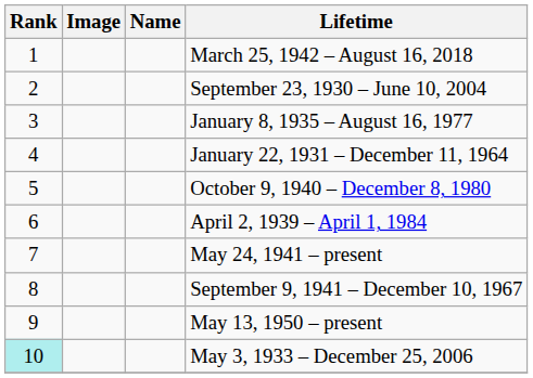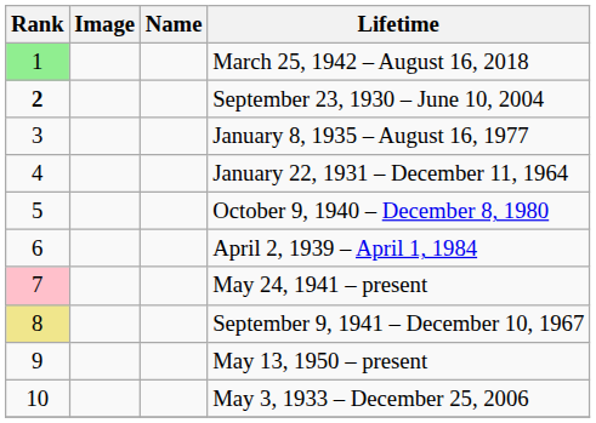 <table class="wikitable sortable" style="font-size: 95%">
 <tr>
 <th>Rank</th>
 <th class="unsortable">Image</th>
 <th>Name</th>
 <th>Lifetime</th>
 </tr>
 <tr>
-<td align="center">1</td>
+<td align="center" style="background: lightgreen;">1</td>
 <td></td>
 <td></td>
 <td>March 25, 1942 – August 16, 2018</td>
 </tr>
 <tr>
-<td align="center">2</td>
+<td align="center"><strong>2</strong></td>
 <td></td>
 <td></td>
 <td>September 23, 1930 – June 10, 2004</td>
 </tr>
 <tr>
 <td align="center">3</td>
 <td></td>
 <td></td>
 <td>January 8, 1935 – August 16, 1977</td>
 </tr>
 <tr>
 <td align="center">4</td>
 <td></td>
 <td></td>
 <td>January 22, 1931 – December 11, 1964</td>
 </tr>
 <tr>
 <td align="center">5</td>
 <td></td>
 <td></td>
 <td>October 9, 1940 – <a href='#'>December 8, 1980</a></td>
 </tr>
 <tr>
 <td align="center">6</td>
 <td></td>
 <td></td>
 <td>April 2, 1939 – <a href='#'>April 1, 1984</a></td>
 </tr>
 <tr>
-<td align="center">7</td>
+<td align="center" style="background: pink;">7</td>
 <td></td>
 <td></td>
 <td>May 24, 1941 – present</td>
 </tr>
 <tr>
-<td align="center">8</td>
+<td align="center" style="background: khaki;">8</td>
 <td></td>
 <td></td>
 <td>September 9, 1941 – December 10, 1967</td>
 </tr>
 <tr>
 <td align="center">9</td>
 <td></td>
 <td></td>
 <td>May 13, 1950 – present</td>
 </tr>
 <tr>
-<td align="center" style="background: paleturquoise;">10</td>
+<td align="center">10</td>
 <td></td>
 <td></td>
 <td>May 3, 1933 – December 25, 2006</td>
 </tr>
 <tr>
 </tr>
 </table>
